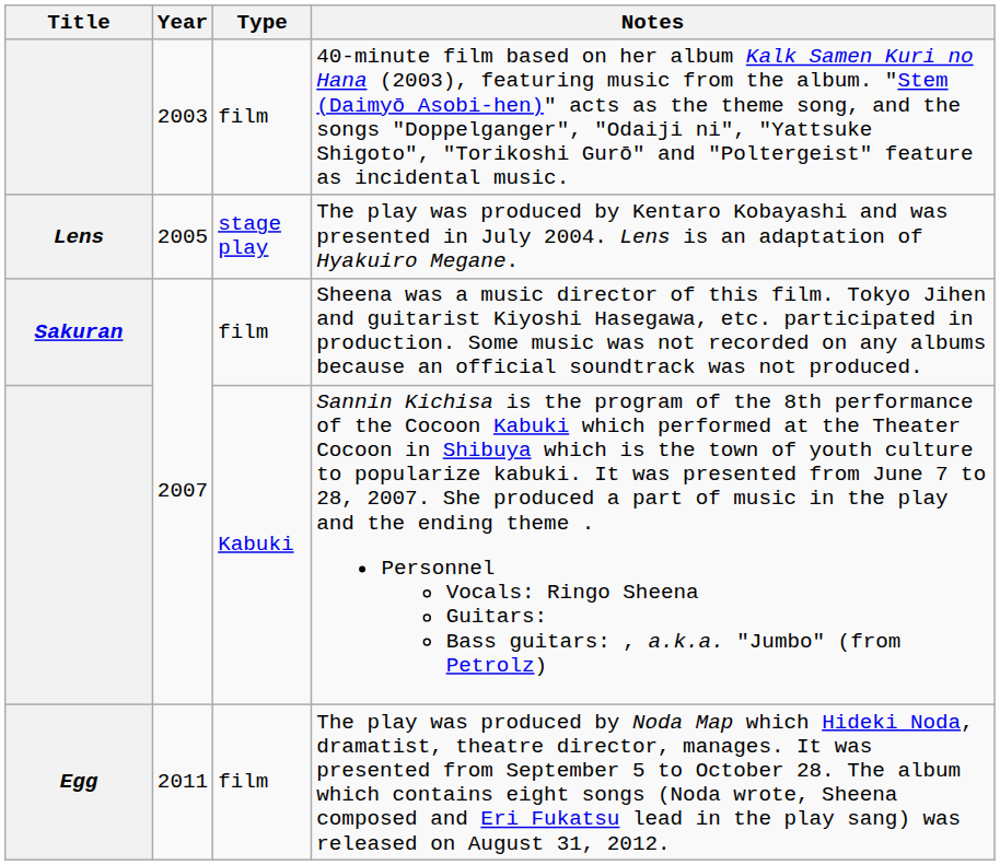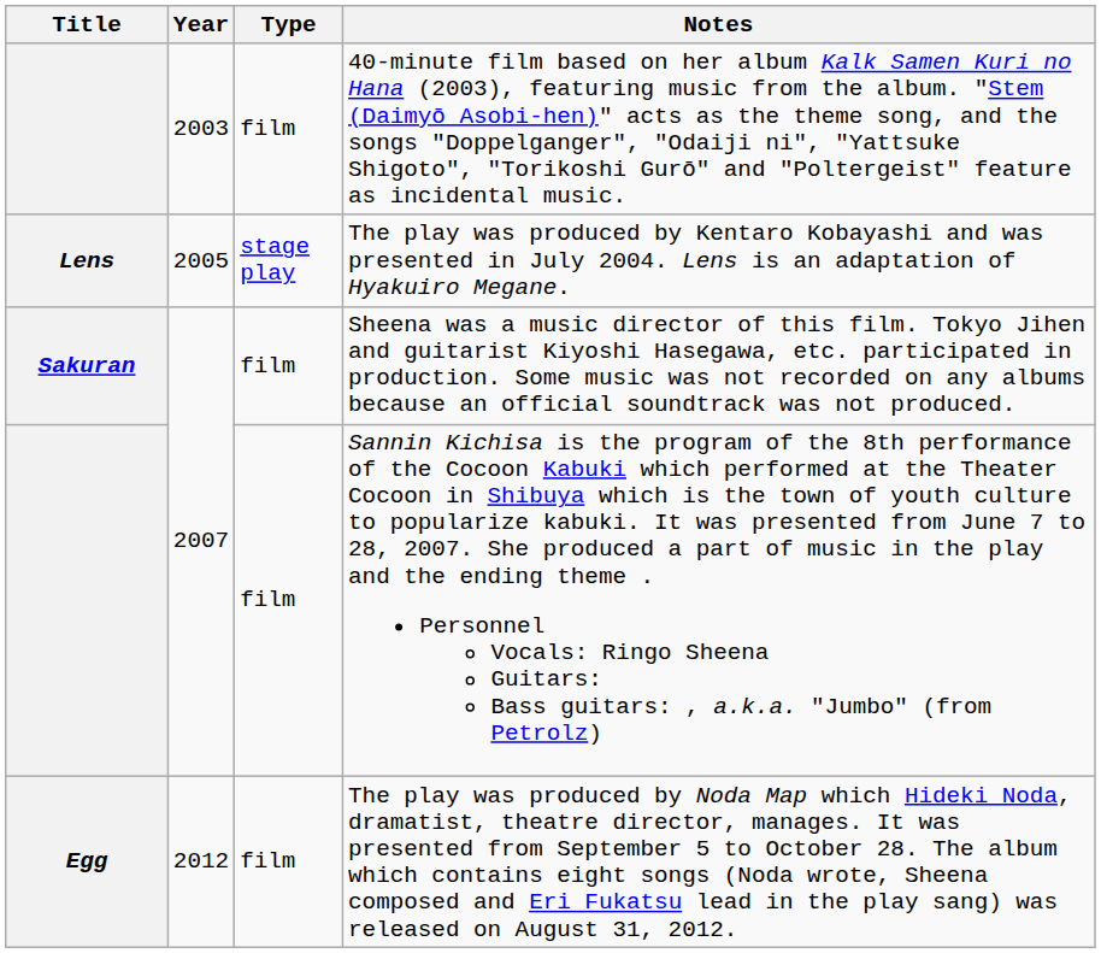 <table class="wikitable plainrowheaders" width=98%>
 <tr>
 <th scope="col" width=15%>Title</th>
 <th scope="col" width=5%>Year</th>
 <th scope="col" width=10%>Type</th>
 <th scope="col" width=70%>Notes</th>
 </tr>
 <tr>
 <th scope="row"></th>
 <td>2003</td>
 <td>film</td>
 <td>40-minute film based on her album <em><a href='#'>Kalk Samen Kuri no Hana</a></em> (2003), featuring music from the album. "<a href='#'>Stem (Daimyō Asobi-hen)</a>" acts as the theme song, and the songs "Doppelganger", "Odaiji ni", "Yattsuke Shigoto", "Torikoshi Gurō" and "Poltergeist" feature as incidental music.</td>
 </tr>
 <tr>
 <th scope="row"><em>Lens</em></th>
 <td>2005</td>
 <td><a href='#'>stage play</a></td>
 <td>The play was produced by Kentaro Kobayashi and was presented in July 2004. <em>Lens</em> is an adaptation of <em>Hyakuiro Megane</em>.</td>
 </tr>
 <tr>
 <th scope="row"><em><a href='#'>Sakuran</a></em></th>
 <td rowspan="2">2007</td>
 <td>film</td>
 <td>Sheena was a music director of this film. Tokyo Jihen and guitarist Kiyoshi Hasegawa, etc. participated in production. Some music was not recorded on any albums because an official soundtrack was not produced.</td>
 </tr>
 <tr>
 <th scope="row"></th>
-<td><a href='#'>Kabuki</a></td>
+<td>film</td>
 <td><em>Sannin Kichisa</em> is the program of the 8th performance of the Cocoon <a href='#'>Kabuki</a> which performed at the Theater Cocoon in <a href='#'>Shibuya</a> which is the town of youth culture to popularize kabuki. It was presented from June 7 to 28, 2007. She produced a part of music in the play and the ending theme .<br><ul><li>Personnel<ul><li>Vocals: Ringo Sheena</li><li>Guitars: </li><li>Bass guitars: , <em>a.k.a.</em> "Jumbo" (from <a href='#'>Petrolz</a>)</li></ul></li></ul></td>
 </tr>
 <tr>
 <th scope="row"><em>Egg</em></th>
-<td>2011</td>
+<td>2012</td>
 <td>film</td>
 <td>The play was produced by <em>Noda Map</em> which <a href='#'>Hideki Noda</a>, dramatist, theatre director, manages. It was presented from September 5 to October 28. The album  which contains eight songs (Noda wrote, Sheena composed and <a href='#'>Eri Fukatsu</a> lead in the play sang) was released on August 31, 2012.</td>
 </tr>
 </table>
